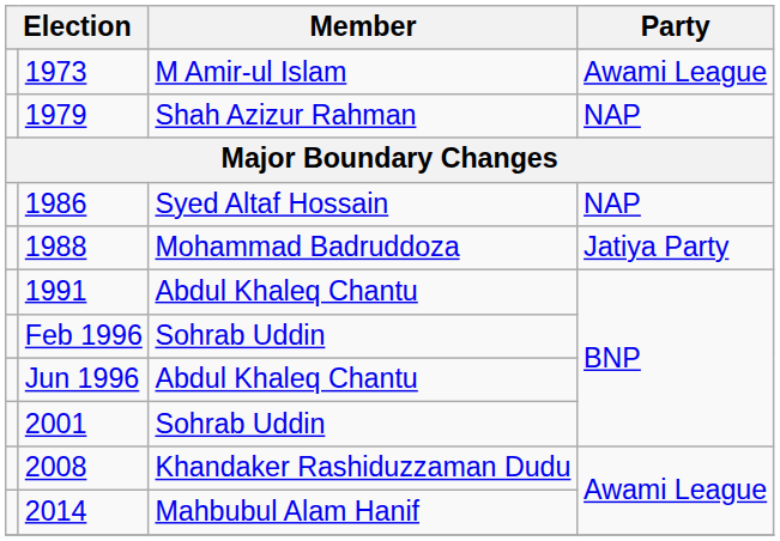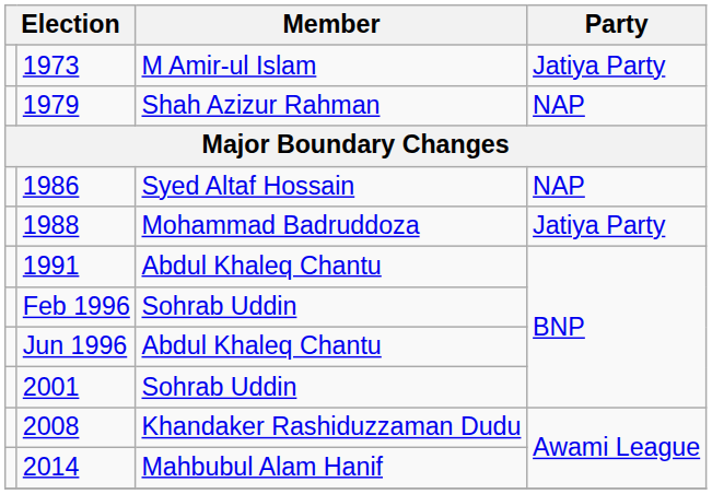 <table class="wikitable">
 <tr>
 <th colspan="2">Election</th>
 <th>Member</th>
 <th>Party</th>
 </tr>
 <tr>
 <td style="background-color:"></td>
 <td><a href='#'>1973</a></td>
 <td><a href='#'>M Amir-ul Islam</a></td>
-<td><a href='#'>Awami League</a></td>
+<td><a href='#'>Jatiya Party</a></td>
 </tr>
 <tr>
 <td style="background-color:"></td>
 <td><a href='#'>1979</a></td>
 <td><a href='#'>Shah Azizur Rahman</a></td>
 <td><a href='#'>NAP</a></td>
 </tr>
 <tr>
 <th colspan="4">Major Boundary Changes</th>
 </tr>
 <tr>
 <td style="background-color:"></td>
 <td><a href='#'>1986</a></td>
 <td><a href='#'>Syed Altaf Hossain</a></td>
 <td><a href='#'>NAP</a></td>
 </tr>
 <tr>
 <td style="background-color:"></td>
 <td><a href='#'>1988</a></td>
 <td><a href='#'>Mohammad Badruddoza</a></td>
 <td><a href='#'>Jatiya Party</a></td>
 </tr>
 <tr>
 <td style="background-color:"></td>
 <td><a href='#'>1991</a></td>
 <td><a href='#'>Abdul Khaleq Chantu</a></td>
 <td rowspan="4"><a href='#'>BNP</a></td>
 </tr>
 <tr>
 <td style="background-color:"></td>
 <td><a href='#'>Feb 1996</a></td>
 <td><a href='#'>Sohrab Uddin</a></td>
 </tr>
 <tr>
 <td style="background-color:"></td>
 <td><a href='#'>Jun 1996</a></td>
 <td><a href='#'>Abdul Khaleq Chantu</a></td>
 </tr>
 <tr>
 <td style="background-color:"></td>
 <td><a href='#'>2001</a></td>
 <td><a href='#'>Sohrab Uddin</a></td>
 </tr>
 <tr>
 <td style="background-color:"></td>
 <td><a href='#'>2008</a></td>
 <td><a href='#'>Khandaker Rashiduzzaman Dudu</a></td>
 <td rowspan="2"><a href='#'>Awami League</a></td>
 </tr>
 <tr>
 <td style="background-color:"></td>
 <td><a href='#'>2014</a></td>
 <td><a href='#'>Mahbubul Alam Hanif</a></td>
 </tr>
 <tr>
 </tr>
 </table>
